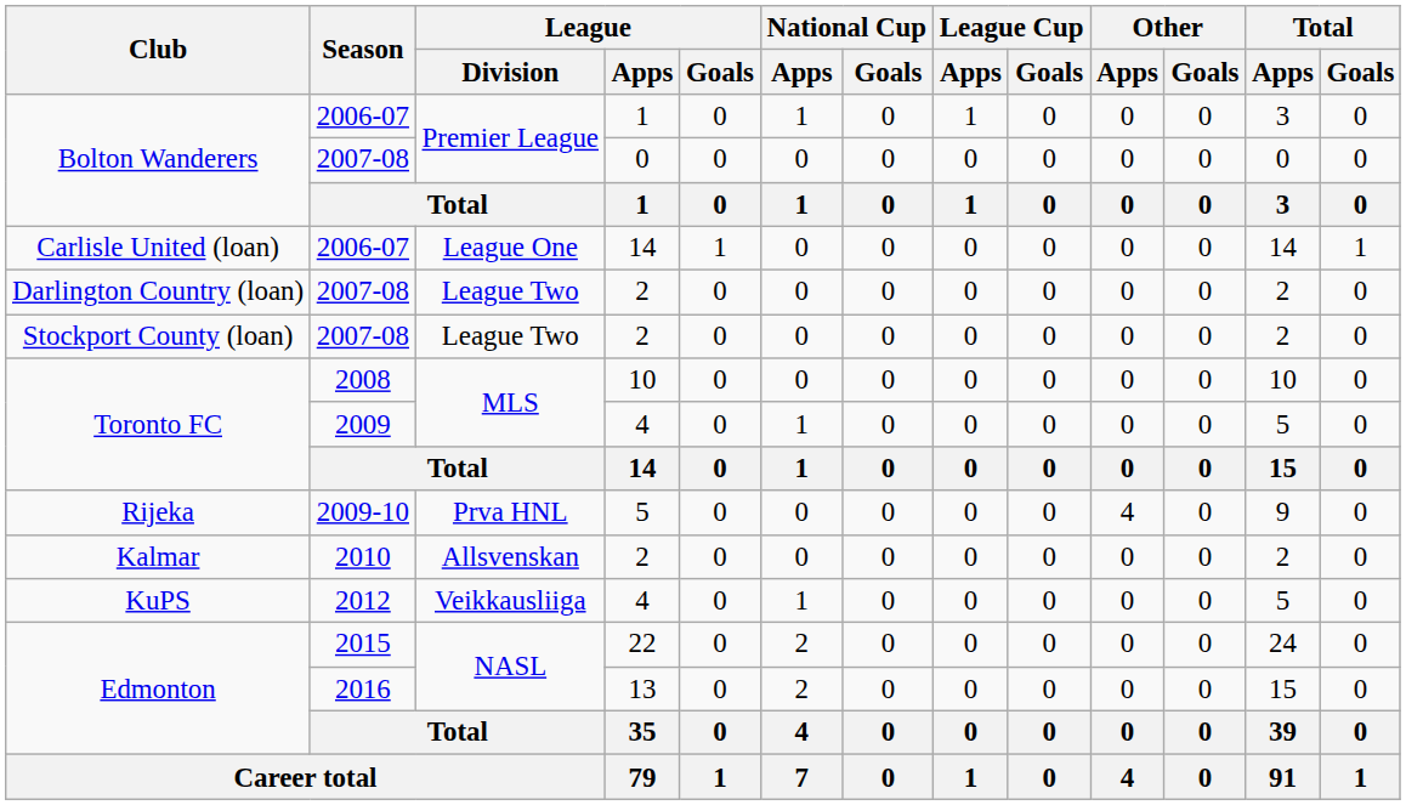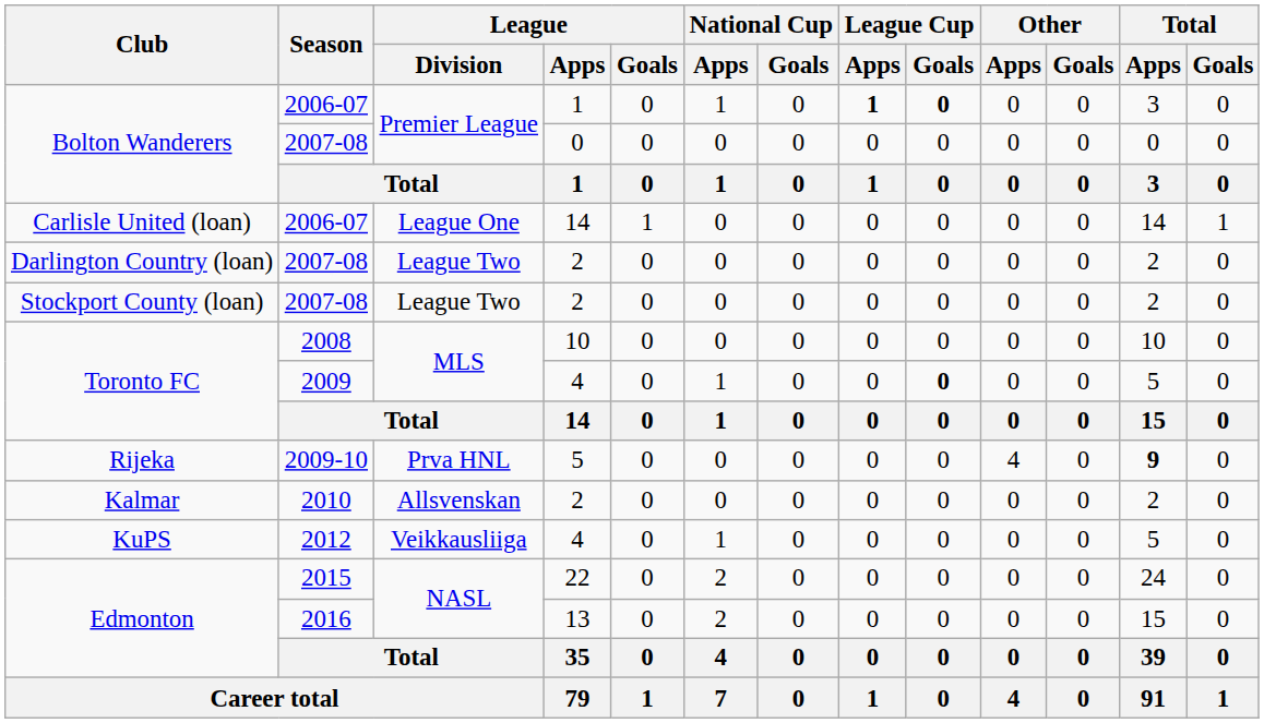 <table class=wikitable style=text-align:center>
 <tr>
 <th rowspan=2>Club</th>
 <th rowspan=2>Season</th>
 <th colspan=3>League</th>
 <th colspan=2>National Cup</th>
 <th colspan=2>League Cup</th>
 <th colspan=2>Other</th>
 <th colspan=2>Total</th>
 </tr>
 <tr>
 <th>Division</th>
 <th>Apps</th>
 <th>Goals</th>
 <th>Apps</th>
 <th>Goals</th>
 <th>Apps</th>
 <th>Goals</th>
 <th>Apps</th>
 <th>Goals</th>
 <th>Apps</th>
 <th>Goals</th>
 </tr>
 <tr>
 <td rowspan="3"><a href='#'>Bolton Wanderers</a></td>
 <td><a href='#'>2006-07</a></td>
 <td rowspan="2"><a href='#'>Premier League</a></td>
 <td>1</td>
 <td>0</td>
 <td>1</td>
 <td>0</td>
-<td>1</td>
-<td>0</td>
+<td><strong>1</strong></td>
+<td><strong>0</strong></td>
 <td>0</td>
 <td>0</td>
 <td>3</td>
 <td>0</td>
 </tr>
 <tr>
 <td><a href='#'>2007-08</a></td>
 <td>0</td>
 <td>0</td>
 <td>0</td>
 <td>0</td>
 <td>0</td>
 <td>0</td>
 <td>0</td>
 <td>0</td>
 <td>0</td>
 <td>0</td>
 </tr>
 <tr>
 <th colspan=2>Total</th>
 <th>1</th>
 <th>0</th>
 <th>1</th>
 <th>0</th>
 <th>1</th>
 <th>0</th>
 <th>0</th>
 <th>0</th>
 <th>3</th>
 <th>0</th>
 </tr>
 <tr>
 <td><a href='#'>Carlisle United</a>  (loan)</td>
 <td><a href='#'>2006-07</a></td>
 <td><a href='#'>League One</a></td>
 <td>14</td>
 <td>1</td>
 <td>0</td>
 <td>0</td>
 <td>0</td>
 <td>0</td>
 <td>0</td>
 <td>0</td>
 <td>14</td>
 <td>1</td>
 </tr>
 <tr>
 <td><a href='#'>Darlington Country</a>  (loan)</td>
 <td><a href='#'>2007-08</a></td>
 <td><a href='#'>League Two</a></td>
 <td>2</td>
 <td>0</td>
 <td>0</td>
 <td>0</td>
 <td>0</td>
 <td>0</td>
 <td>0</td>
 <td>0</td>
 <td>2</td>
 <td>0</td>
 </tr>
 <tr>
 <td><a href='#'>Stockport County</a>  (loan)</td>
 <td><a href='#'>2007-08</a></td>
 <td>League Two</td>
 <td>2</td>
 <td>0</td>
 <td>0</td>
 <td>0</td>
 <td>0</td>
 <td>0</td>
 <td>0</td>
 <td>0</td>
 <td>2</td>
 <td>0</td>
 </tr>
 <tr>
 <td rowspan="3"><a href='#'>Toronto FC</a></td>
 <td><a href='#'>2008</a></td>
 <td rowspan="2"><a href='#'>MLS</a></td>
 <td>10</td>
 <td>0</td>
 <td>0</td>
 <td>0</td>
 <td>0</td>
 <td>0</td>
 <td>0</td>
 <td>0</td>
 <td>10</td>
 <td>0</td>
 </tr>
 <tr>
 <td><a href='#'>2009</a></td>
 <td>4</td>
 <td>0</td>
 <td>1</td>
 <td>0</td>
 <td>0</td>
-<td>0</td>
+<td><strong>0</strong></td>
 <td>0</td>
 <td>0</td>
 <td>5</td>
 <td>0</td>
 </tr>
 <tr>
 <th colspan=2>Total</th>
 <th>14</th>
 <th>0</th>
 <th>1</th>
 <th>0</th>
 <th>0</th>
 <th>0</th>
 <th>0</th>
 <th>0</th>
 <th>15</th>
 <th>0</th>
 </tr>
 <tr>
 <td><a href='#'>Rijeka</a></td>
 <td><a href='#'>2009-10</a></td>
 <td><a href='#'>Prva HNL</a></td>
 <td>5</td>
 <td>0</td>
 <td>0</td>
 <td>0</td>
 <td>0</td>
 <td>0</td>
 <td>4</td>
 <td>0</td>
-<td>9</td>
+<td><strong>9</strong></td>
 <td>0</td>
 </tr>
 <tr>
 <td><a href='#'>Kalmar</a></td>
 <td><a href='#'>2010</a></td>
 <td><a href='#'>Allsvenskan</a></td>
 <td>2</td>
 <td>0</td>
 <td>0</td>
 <td>0</td>
 <td>0</td>
 <td>0</td>
 <td>0</td>
 <td>0</td>
 <td>2</td>
 <td>0</td>
 </tr>
 <tr>
 <td><a href='#'>KuPS</a></td>
 <td><a href='#'>2012</a></td>
 <td><a href='#'>Veikkausliiga</a></td>
 <td>4</td>
 <td>0</td>
 <td>1</td>
 <td>0</td>
 <td>0</td>
 <td>0</td>
 <td>0</td>
 <td>0</td>
 <td>5</td>
 <td>0</td>
 </tr>
 <tr>
 <td rowspan="3"><a href='#'>Edmonton</a></td>
 <td><a href='#'>2015</a></td>
 <td rowspan="2"><a href='#'>NASL</a></td>
 <td>22</td>
 <td>0</td>
 <td>2</td>
 <td>0</td>
 <td>0</td>
 <td>0</td>
 <td>0</td>
 <td>0</td>
 <td>24</td>
 <td>0</td>
 </tr>
 <tr>
 <td><a href='#'>2016</a></td>
 <td>13</td>
 <td>0</td>
 <td>2</td>
 <td>0</td>
 <td>0</td>
 <td>0</td>
 <td>0</td>
 <td>0</td>
 <td>15</td>
 <td>0</td>
 </tr>
 <tr>
 <th colspan=2>Total</th>
 <th>35</th>
 <th>0</th>
 <th>4</th>
 <th>0</th>
 <th>0</th>
 <th>0</th>
 <th>0</th>
 <th>0</th>
 <th>39</th>
 <th>0</th>
 </tr>
 <tr>
 <th colspan=3>Career total</th>
 <th>79</th>
 <th>1</th>
 <th>7</th>
 <th>0</th>
 <th>1</th>
 <th>0</th>
 <th>4</th>
 <th>0</th>
 <th>91</th>
 <th>1</th>
 </tr>
 </table>
